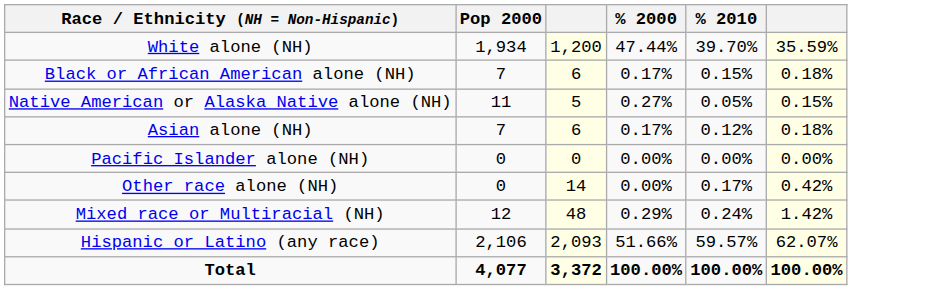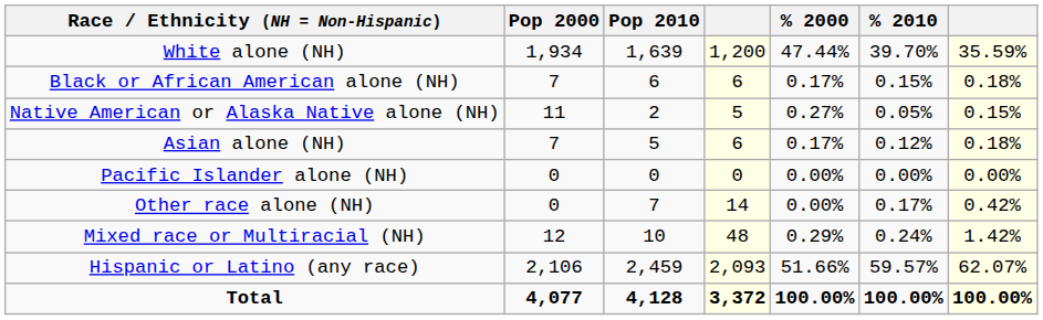 <table class="wikitable" style="text-align:center;">
 <tr>
 <th>Race / Ethnicity <small>(<em>NH = Non-Hispanic</em>)</small></th>
 <th>Pop 2000</th>
+<th>Pop 2010</th>
 <th></th>
 <th>% 2000</th>
 <th>% 2010</th>
 <th></th>
 </tr>
 <tr>
 <td><a href='#'>White</a> alone (NH)</td>
 <td>1,934</td>
+<td>1,639</td>
 <td style='background: #ffffe6;'>1,200</td>
 <td>47.44%</td>
 <td>39.70%</td>
 <td style='background: #ffffe6;'>35.59%</td>
 </tr>
 <tr>
 <td><a href='#'>Black or African American</a> alone (NH)</td>
 <td>7</td>
+<td>6</td>
 <td style='background: #ffffe6;'>6</td>
 <td>0.17%</td>
 <td>0.15%</td>
 <td style='background: #ffffe6;'>0.18%</td>
 </tr>
 <tr>
 <td><a href='#'>Native American</a> or <a href='#'>Alaska Native</a> alone (NH)</td>
 <td>11</td>
+<td>2</td>
 <td style='background: #ffffe6;'>5</td>
 <td>0.27%</td>
 <td>0.05%</td>
 <td style='background: #ffffe6;'>0.15%</td>
 </tr>
 <tr>
 <td><a href='#'>Asian</a> alone (NH)</td>
 <td>7</td>
+<td>5</td>
 <td style='background: #ffffe6;'>6</td>
 <td>0.17%</td>
 <td>0.12%</td>
 <td style='background: #ffffe6;'>0.18%</td>
 </tr>
 <tr>
 <td><a href='#'>Pacific Islander</a> alone (NH)</td>
+<td>0</td>
 <td>0</td>
 <td style='background: #ffffe6;'>0</td>
 <td>0.00%</td>
 <td>0.00%</td>
 <td style='background: #ffffe6;'>0.00%</td>
 </tr>
 <tr>
 <td><a href='#'>Other race</a> alone (NH)</td>
 <td>0</td>
+<td>7</td>
 <td style='background: #ffffe6;'>14</td>
 <td>0.00%</td>
 <td>0.17%</td>
 <td style='background: #ffffe6;'>0.42%</td>
 </tr>
 <tr>
 <td><a href='#'>Mixed race or Multiracial</a> (NH)</td>
 <td>12</td>
+<td>10</td>
 <td style='background: #ffffe6;'>48</td>
 <td>0.29%</td>
 <td>0.24%</td>
 <td style='background: #ffffe6;'>1.42%</td>
 </tr>
 <tr>
 <td><a href='#'>Hispanic or Latino</a> (any race)</td>
 <td>2,106</td>
+<td>2,459</td>
 <td style='background: #ffffe6;'>2,093</td>
 <td>51.66%</td>
 <td>59.57%</td>
 <td style='background: #ffffe6;'>62.07%</td>
 </tr>
 <tr>
 <td><strong>Total</strong></td>
 <td><strong>4,077</strong></td>
+<td><strong>4,128</strong></td>
 <td style='background: #ffffe6;'><strong>3,372</strong></td>
 <td><strong>100.00%</strong></td>
 <td><strong>100.00%</strong></td>
 <td style='background: #ffffe6;'><strong>100.00%</strong></td>
 </tr>
 </table>
